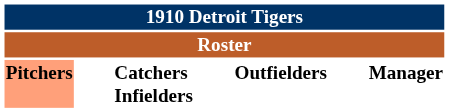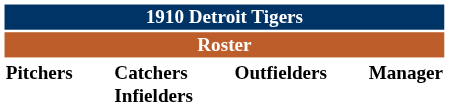 <table class="toccolours" style="font-size: 95%;">
 <tr>
 <th colspan="10" style="background-color: #003366; color: white; text-align: center;">1910 Detroit Tigers</th>
 </tr>
 <tr>
 <td colspan="10" style="background-color: #bd5d29; color: white; text-align: center;"><strong>Roster</strong></td>
 </tr>
 <tr>
-<td valign="top" style="background: lightsalmon;"><strong>Pitchers</strong><br>            </td>
+<td valign="top"><strong>Pitchers</strong><br>            </td>
 <td width="25px"></td>
 <td valign="top"><strong>Catchers</strong><br>    <strong>Infielders</strong>        </td>
 <td width="25px"></td>
 <td valign="top"><strong>Outfielders</strong><br>   </td>
 <td width="25px"></td>
 <td valign="top"><strong>Manager</strong><br></td>
 </tr>
 </table>
